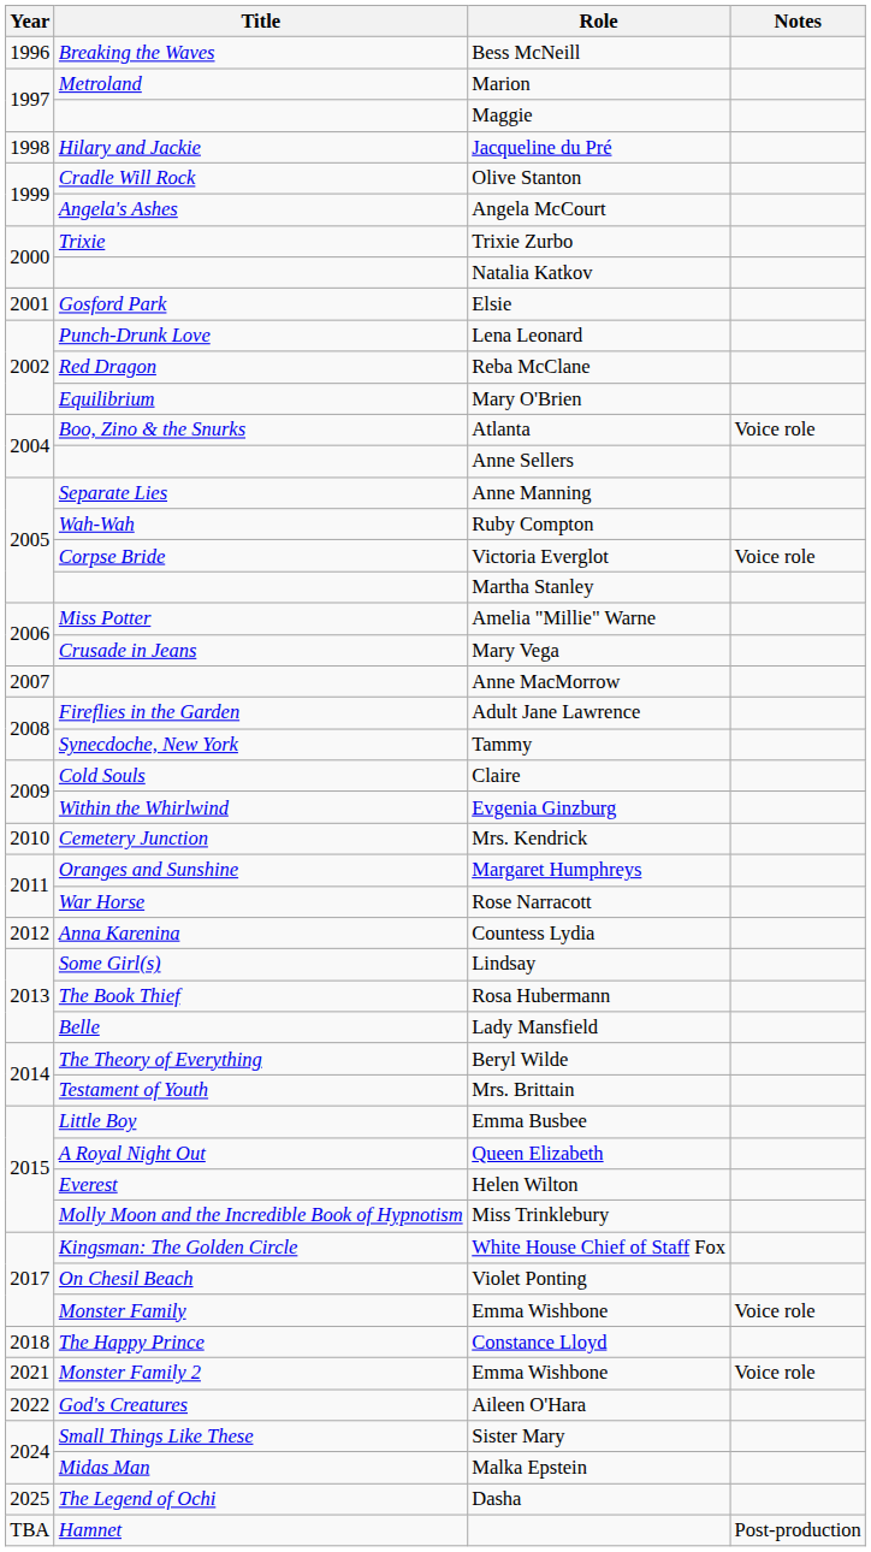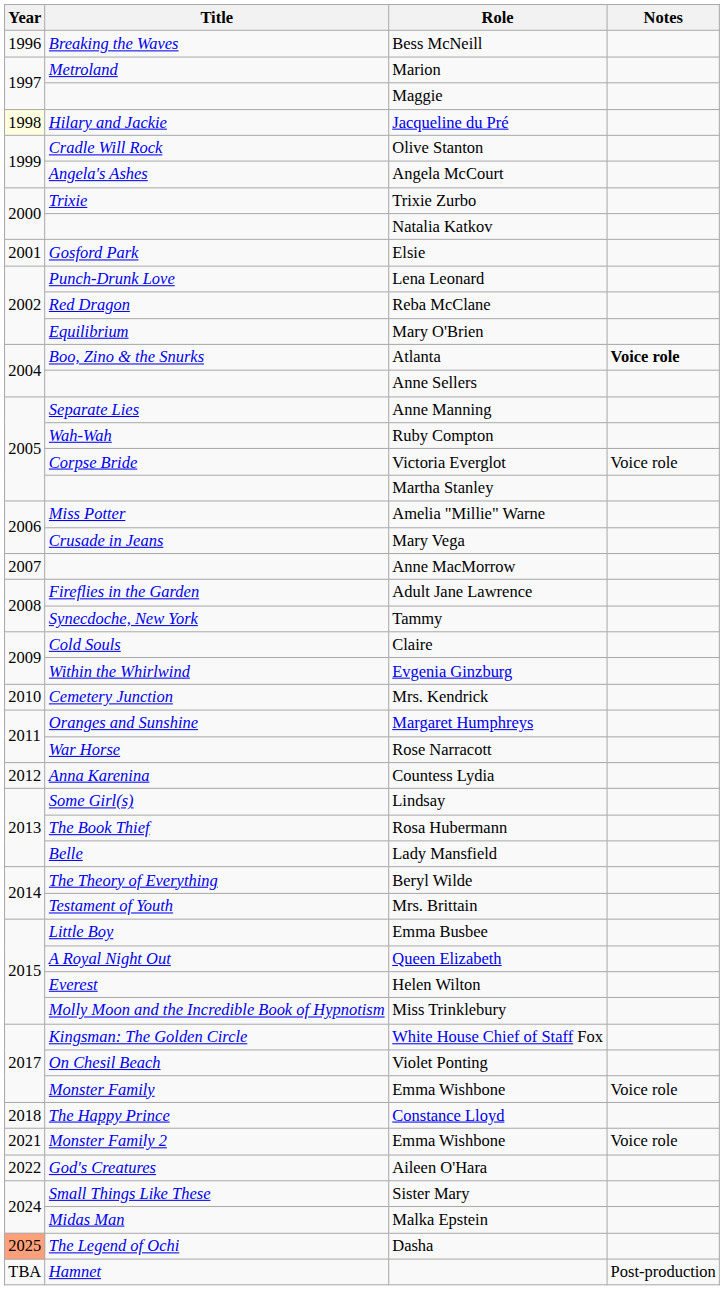 <table class="wikitable plainrowheaders sortable">
 <tr>
 <th scope="col">Year</th>
 <th scope="col">Title</th>
 <th scope="col">Role</th>
 <th scope="col" class="unsortable">Notes</th>
 </tr>
 <tr>
 <td scope="row">1996</td>
 <td><em><a href='#'>Breaking the Waves</a></em></td>
 <td>Bess McNeill</td>
 <td></td>
 </tr>
 <tr>
 <td scope="row" rowspan=2>1997</td>
 <td><em><a href='#'>Metroland</a></em></td>
 <td>Marion</td>
 <td></td>
 </tr>
 <tr>
 <td><em></em></td>
 <td>Maggie</td>
 <td></td>
 </tr>
 <tr>
-<td scope="row">1998</td>
+<td scope="row" style="background: lightyellow;">1998</td>
 <td><em><a href='#'>Hilary and Jackie</a></em></td>
 <td><a href='#'>Jacqueline du Pré</a></td>
 <td></td>
 </tr>
 <tr>
 <td scope="row" rowspan=2>1999</td>
 <td><em><a href='#'>Cradle Will Rock</a></em></td>
 <td>Olive Stanton</td>
 <td></td>
 </tr>
 <tr>
 <td><em><a href='#'>Angela's Ashes</a></em></td>
 <td>Angela McCourt</td>
 <td></td>
 </tr>
 <tr>
 <td scope="row" rowspan=2>2000</td>
 <td><em><a href='#'>Trixie</a></em></td>
 <td>Trixie Zurbo</td>
 <td></td>
 </tr>
 <tr>
 <td><em></em></td>
 <td>Natalia Katkov</td>
 <td></td>
 </tr>
 <tr>
 <td scope="row">2001</td>
 <td><em><a href='#'>Gosford Park</a></em></td>
 <td>Elsie</td>
 <td></td>
 </tr>
 <tr>
 <td scope="row" rowspan=3>2002</td>
 <td><em><a href='#'>Punch-Drunk Love</a></em></td>
 <td>Lena Leonard</td>
 <td></td>
 </tr>
 <tr>
 <td><em><a href='#'>Red Dragon</a></em></td>
 <td>Reba McClane</td>
 <td></td>
 </tr>
 <tr>
 <td><em><a href='#'>Equilibrium</a></em></td>
 <td>Mary O'Brien</td>
 <td></td>
 </tr>
 <tr>
 <td scope="row" rowspan=2>2004</td>
 <td><em><a href='#'>Boo, Zino & the Snurks</a></em></td>
 <td>Atlanta</td>
-<td>Voice role</td>
+<td><strong>Voice role</strong></td>
 </tr>
 <tr>
 <td><em></em></td>
 <td>Anne Sellers</td>
 <td></td>
 </tr>
 <tr>
 <td scope="row" rowspan=4>2005</td>
 <td><em><a href='#'>Separate Lies</a></em></td>
 <td>Anne Manning</td>
 <td></td>
 </tr>
 <tr>
 <td><em><a href='#'>Wah-Wah</a></em></td>
 <td>Ruby Compton</td>
 <td></td>
 </tr>
 <tr>
 <td><em><a href='#'>Corpse Bride</a></em></td>
 <td>Victoria Everglot</td>
 <td>Voice role</td>
 </tr>
 <tr>
 <td><em></em></td>
 <td>Martha Stanley</td>
 <td></td>
 </tr>
 <tr>
 <td scope="row" rowspan=2>2006</td>
 <td><em><a href='#'>Miss Potter</a></em></td>
 <td>Amelia "Millie" Warne</td>
 <td></td>
 </tr>
 <tr>
 <td><em><a href='#'>Crusade in Jeans</a></em></td>
 <td>Mary Vega</td>
 <td></td>
 </tr>
 <tr>
 <td scope="row">2007</td>
 <td><em></em></td>
 <td>Anne MacMorrow</td>
 <td></td>
 </tr>
 <tr>
 <td scope="row" rowspan=2>2008</td>
 <td><em><a href='#'>Fireflies in the Garden</a></em></td>
 <td>Adult Jane Lawrence</td>
 <td></td>
 </tr>
 <tr>
 <td><em><a href='#'>Synecdoche, New York</a></em></td>
 <td>Tammy</td>
 <td></td>
 </tr>
 <tr>
 <td scope="row" rowspan=2>2009</td>
 <td><em><a href='#'>Cold Souls</a> </em></td>
 <td>Claire</td>
 <td></td>
 </tr>
 <tr>
 <td><em><a href='#'>Within the Whirlwind</a></em></td>
 <td><a href='#'>Evgenia Ginzburg</a></td>
 <td></td>
 </tr>
 <tr>
 <td scope="row">2010</td>
 <td><em><a href='#'>Cemetery Junction</a></em></td>
 <td>Mrs. Kendrick</td>
 <td></td>
 </tr>
 <tr>
 <td scope="row" rowspan=2>2011</td>
 <td><em><a href='#'>Oranges and Sunshine</a></em></td>
 <td><a href='#'>Margaret Humphreys</a></td>
 <td></td>
 </tr>
 <tr>
 <td><em><a href='#'>War Horse</a></em></td>
 <td>Rose Narracott</td>
 <td></td>
 </tr>
 <tr>
 <td scope="row">2012</td>
 <td><em><a href='#'>Anna Karenina</a></em></td>
 <td>Countess Lydia</td>
 <td></td>
 </tr>
 <tr>
 <td scope="row" rowspan=3>2013</td>
 <td><em><a href='#'>Some Girl(s)</a></em></td>
 <td>Lindsay</td>
 <td></td>
 </tr>
 <tr>
 <td><em><a href='#'>The Book Thief</a></em></td>
 <td>Rosa Hubermann</td>
 <td></td>
 </tr>
 <tr>
 <td><em><a href='#'>Belle</a></em></td>
 <td>Lady Mansfield</td>
 <td></td>
 </tr>
 <tr>
 <td scope="row" rowspan=2>2014</td>
 <td><em><a href='#'>The Theory of Everything</a></em></td>
 <td>Beryl Wilde</td>
 <td></td>
 </tr>
 <tr>
 <td><em><a href='#'>Testament of Youth</a></em></td>
 <td>Mrs. Brittain</td>
 <td></td>
 </tr>
 <tr>
 <td scope="row" rowspan=4>2015</td>
 <td><em><a href='#'>Little Boy</a></em></td>
 <td>Emma Busbee</td>
 <td></td>
 </tr>
 <tr>
 <td><em><a href='#'>A Royal Night Out</a></em></td>
 <td><a href='#'>Queen Elizabeth</a></td>
 <td></td>
 </tr>
 <tr>
 <td><em><a href='#'>Everest</a></em></td>
 <td>Helen Wilton</td>
 <td></td>
 </tr>
 <tr>
 <td><em><a href='#'>Molly Moon and the Incredible Book of Hypnotism</a></em></td>
 <td>Miss Trinklebury</td>
 <td></td>
 </tr>
 <tr>
 <td scope="row" rowspan=3>2017</td>
 <td><em><a href='#'>Kingsman: The Golden Circle</a></em></td>
 <td><a href='#'>White House Chief of Staff</a> Fox</td>
 <td></td>
 </tr>
 <tr>
 <td><em><a href='#'>On Chesil Beach</a></em></td>
 <td>Violet Ponting</td>
 <td></td>
 </tr>
 <tr>
 <td><em><a href='#'>Monster Family</a></em></td>
 <td>Emma Wishbone</td>
 <td>Voice role</td>
 </tr>
 <tr>
 <td scope="row" rowspan=1>2018</td>
 <td><em><a href='#'>The Happy Prince</a></em></td>
 <td><a href='#'>Constance Lloyd</a></td>
 <td></td>
 </tr>
 <tr>
 <td scope="row">2021</td>
 <td><em><a href='#'>Monster Family 2</a></em></td>
 <td>Emma Wishbone</td>
 <td>Voice role</td>
 </tr>
 <tr>
 <td scope="row">2022</td>
 <td><em><a href='#'>God's Creatures</a></em></td>
 <td>Aileen O'Hara</td>
 <td></td>
 </tr>
 <tr>
 <td scope="row" rowspan=2>2024</td>
 <td><em><a href='#'>Small Things Like These</a></em></td>
 <td>Sister Mary</td>
 <td></td>
 </tr>
 <tr>
 <td><em><a href='#'>Midas Man</a></em></td>
 <td>Malka Epstein</td>
 <td></td>
 </tr>
 <tr>
-<td>2025</td>
+<td style="background: lightsalmon;">2025</td>
 <td><em><a href='#'>The Legend of Ochi</a></em></td>
 <td>Dasha</td>
 <td></td>
 </tr>
 <tr>
 <td scope="row">TBA</td>
 <td><em><a href='#'>Hamnet</a></em></td>
 <td></td>
 <td>Post-production</td>
 </tr>
 </table>
